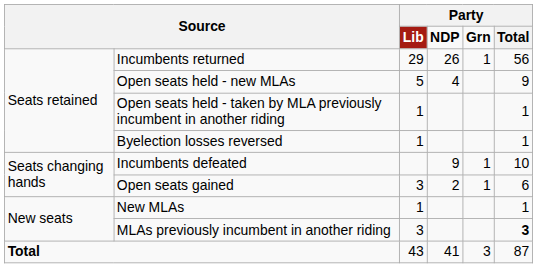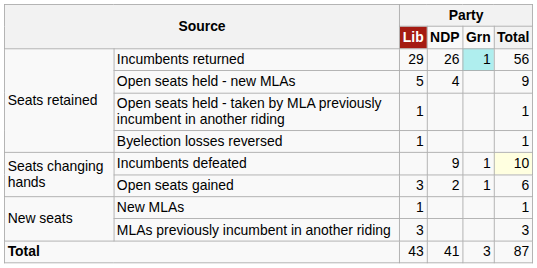 <table class="wikitable" style="text-align:right;">
 <tr>
 <th colspan="2" rowspan="2">Source</th>
 <th colspan="4">Party</th>
 </tr>
 <tr>
 <td style="background: #A51B12; color: white" align="center"><strong>Lib</strong></td>
 <td><strong>NDP</strong></td>
 <td><strong>Grn</strong></td>
 <th>Total</th>
 </tr>
 <tr>
 <td rowspan="4" style="text-align:left;">Seats retained</td>
 <td style="text-align:left;">Incumbents returned</td>
 <td>29</td>
 <td>26</td>
-<td>1</td>
+<td style="background: paleturquoise;">1</td>
 <td>56</td>
 </tr>
 <tr>
 <td style="text-align:left;">Open seats held - new MLAs</td>
 <td>5</td>
 <td>4</td>
 <td></td>
 <td>9</td>
 </tr>
 <tr>
 <td style="text-align:left;">Open seats held - taken by MLA previously incumbent in another riding</td>
 <td>1</td>
 <td></td>
 <td></td>
 <td>1</td>
 </tr>
 <tr>
 <td style="text-align:left;">Byelection losses reversed</td>
 <td>1</td>
 <td></td>
 <td></td>
 <td>1</td>
 </tr>
 <tr>
 <td rowspan="2" style="text-align:left;">Seats changing hands</td>
 <td style="text-align:left;">Incumbents defeated</td>
 <td></td>
 <td>9</td>
 <td>1</td>
-<td>10</td>
+<td style="background: lightyellow;">10</td>
 </tr>
 <tr>
 <td style="text-align:left;">Open seats gained</td>
 <td>3</td>
 <td>2</td>
 <td>1</td>
 <td>6</td>
 </tr>
 <tr>
 <td rowspan="2" style="text-align:left;">New seats</td>
 <td style="text-align:left;">New MLAs</td>
 <td>1</td>
 <td></td>
 <td></td>
 <td>1</td>
 </tr>
 <tr>
 <td style="text-align:left;">MLAs previously incumbent in another riding</td>
 <td>3</td>
 <td></td>
 <td></td>
-<td><strong>3</strong></td>
+<td>3</td>
 </tr>
 <tr>
 <td colspan="2" style="text-align:left;"><strong>Total</strong></td>
 <td>43</td>
 <td>41</td>
 <td>3</td>
 <td>87</td>
 </tr>
 </table>
